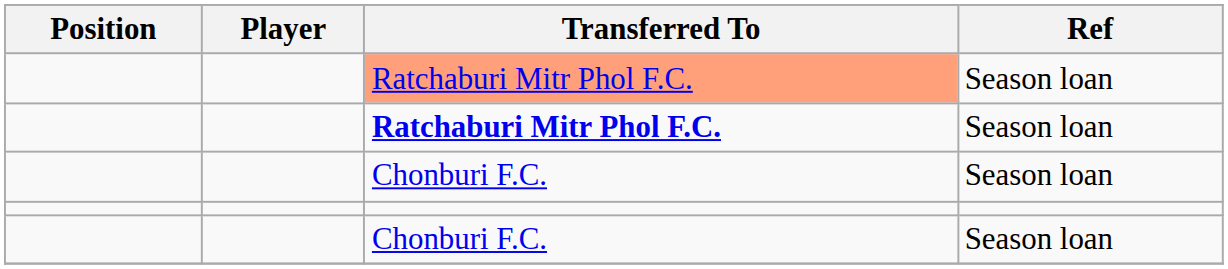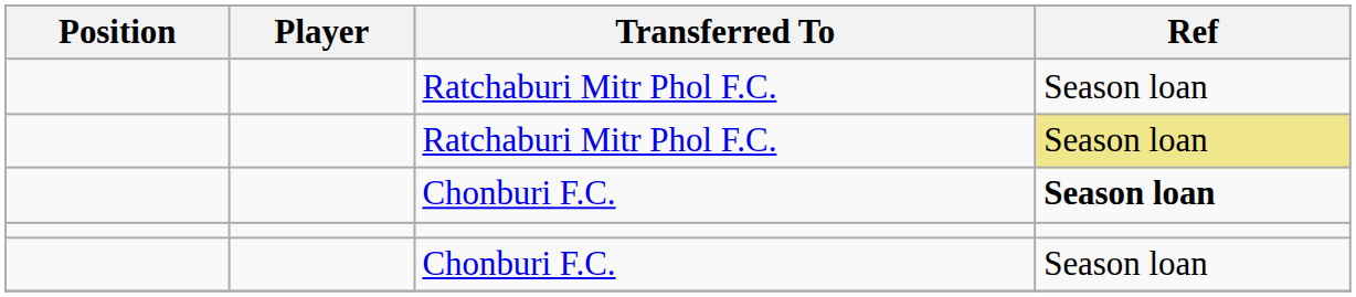 <table class="wikitable sortable" style="width:50%; text-align:center; font-size:100%; text-align:left;">
 <tr>
 <th>Position</th>
 <th>Player</th>
 <th>Transferred To</th>
 <th>Ref</th>
 </tr>
 <tr>
 <td></td>
 <td></td>
-<td style="background: lightsalmon;"> <a href='#'>Ratchaburi Mitr Phol F.C.</a></td>
+<td> <a href='#'>Ratchaburi Mitr Phol F.C.</a></td>
 <td>Season loan</td>
 </tr>
 <tr>
 <td></td>
 <td></td>
-<td><strong> <a href='#'>Ratchaburi Mitr Phol F.C.</a></strong></td>
-<td>Season loan</td>
+<td> <a href='#'>Ratchaburi Mitr Phol F.C.</a></td>
+<td style="background: khaki;">Season loan</td>
 </tr>
 <tr>
 <td></td>
 <td></td>
 <td> <a href='#'>Chonburi F.C.</a></td>
-<td>Season loan </td>
+<td><strong>Season loan </strong></td>
 </tr>
 <tr>
 <td></td>
 <td></td>
 <td></td>
 <td></td>
 </tr>
 <tr>
 <td></td>
 <td></td>
 <td> <a href='#'>Chonburi F.C.</a></td>
 <td>Season loan</td>
 </tr>
 <tr>
 </tr>
 </table>
